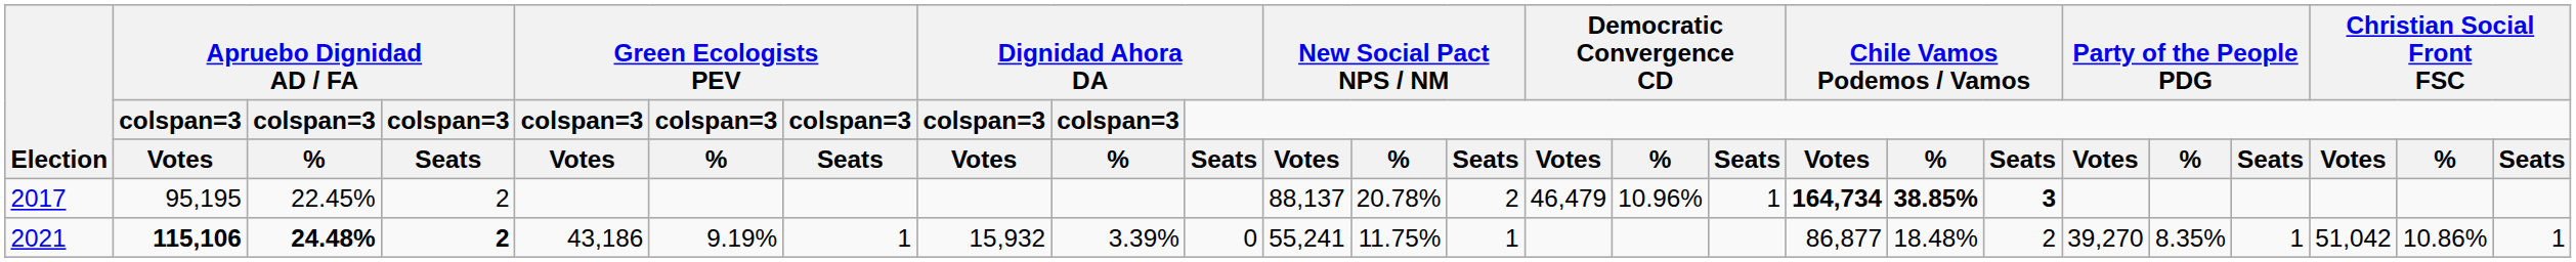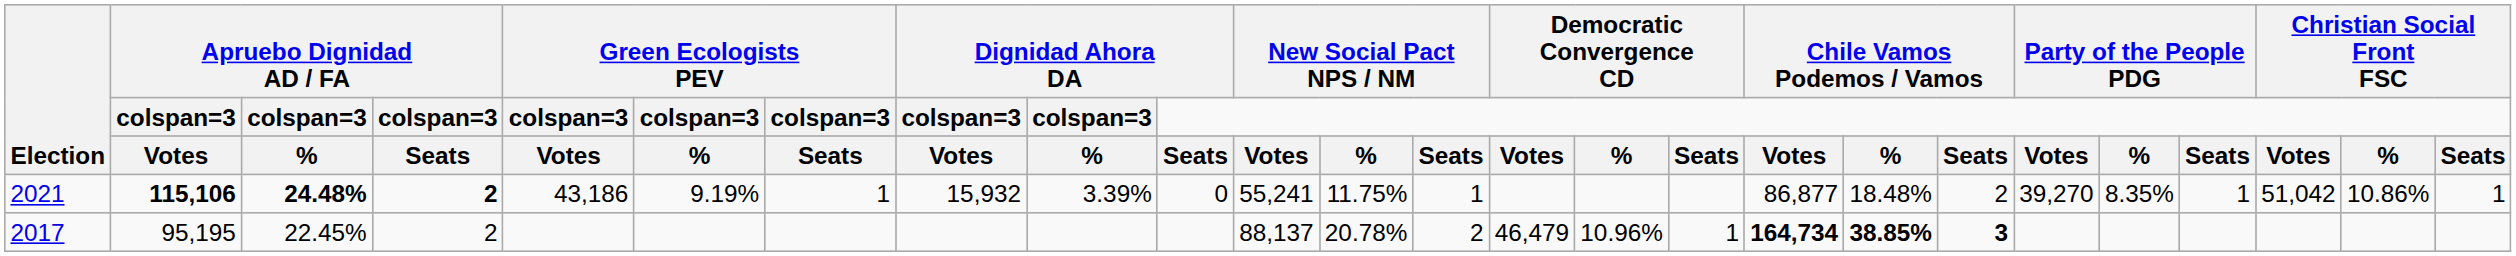 <table class="wikitable" border="1" style="font-size:95%; text-align:right;">
 <tr>
 <th style="text-align:left;" valign=bottom rowspan=3>Election</th>
 <th valign=bottom colspan=3><a href='#'>Apruebo Dignidad</a><br>AD / FA</th>
 <th valign=bottom colspan=3><a href='#'>Green Ecologists</a><br>PEV</th>
 <th valign=bottom colspan=3><a href='#'>Dignidad Ahora</a><br>DA</th>
 <th valign=bottom colspan=3><a href='#'>New Social Pact</a><br>NPS / NM</th>
 <th valign=bottom colspan=3>Democratic<br>Convergence<br>CD</th>
 <th valign=bottom colspan=3><a href='#'>Chile Vamos</a><br>Podemos / Vamos</th>
 <th valign=bottom colspan=3><a href='#'>Party of the People</a><br>PDG</th>
 <th valign=bottom colspan=3><a href='#'>Christian Social Front</a><br>FSC</th>
 </tr>
 <tr>
 <th>colspan=3 </th>
 <th>colspan=3 </th>
 <th>colspan=3 </th>
 <th>colspan=3 </th>
 <th>colspan=3 </th>
 <th>colspan=3 </th>
 <th>colspan=3 </th>
 <th>colspan=3 </th>
 </tr>
 <tr>
 <th>Votes</th>
 <th>%</th>
 <th>Seats</th>
 <th>Votes</th>
 <th>%</th>
 <th>Seats</th>
 <th>Votes</th>
 <th>%</th>
 <th>Seats</th>
 <th>Votes</th>
 <th>%</th>
 <th>Seats</th>
 <th>Votes</th>
 <th>%</th>
 <th>Seats</th>
 <th>Votes</th>
 <th>%</th>
 <th>Seats</th>
 <th>Votes</th>
 <th>%</th>
 <th>Seats</th>
 <th>Votes</th>
 <th>%</th>
 <th>Seats</th>
 </tr>
 <tr>
+<td align=left><a href='#'>2021</a></td>
+<td><strong>115,106</strong></td>
+<td><strong>24.48%</strong></td>
+<td><strong>2</strong></td>
+<td>43,186</td>
+<td>9.19%</td>
+<td>1</td>
+<td>15,932</td>
+<td>3.39%</td>
+<td>0</td>
+<td>55,241</td>
+<td>11.75%</td>
+<td>1</td>
+<td></td>
+<td></td>
+<td></td>
+<td>86,877</td>
+<td>18.48%</td>
+<td>2</td>
+<td>39,270</td>
+<td>8.35%</td>
+<td>1</td>
+<td>51,042</td>
+<td>10.86%</td>
+<td>1</td>
+</tr>
+<tr>
 <td align=left><a href='#'>2017</a></td>
 <td>95,195</td>
 <td>22.45%</td>
 <td>2</td>
 <td></td>
 <td></td>
 <td></td>
 <td></td>
 <td></td>
 <td></td>
 <td>88,137</td>
 <td>20.78%</td>
 <td>2</td>
 <td>46,479</td>
 <td>10.96%</td>
 <td>1</td>
 <td><strong>164,734</strong></td>
 <td><strong>38.85%</strong></td>
 <td><strong>3</strong></td>
 <td></td>
 <td></td>
 <td></td>
 <td></td>
 <td></td>
 <td></td>
 </tr>
-<tr>
-<td align=left><a href='#'>2021</a></td>
-<td><strong>115,106</strong></td>
-<td><strong>24.48%</strong></td>
-<td><strong>2</strong></td>
-<td>43,186</td>
-<td>9.19%</td>
-<td>1</td>
-<td>15,932</td>
-<td>3.39%</td>
-<td>0</td>
-<td>55,241</td>
-<td>11.75%</td>
-<td>1</td>
-<td></td>
-<td></td>
-<td></td>
-<td>86,877</td>
-<td>18.48%</td>
-<td>2</td>
-<td>39,270</td>
-<td>8.35%</td>
-<td>1</td>
-<td>51,042</td>
-<td>10.86%</td>
-<td>1</td>
-</tr>
 </table>
